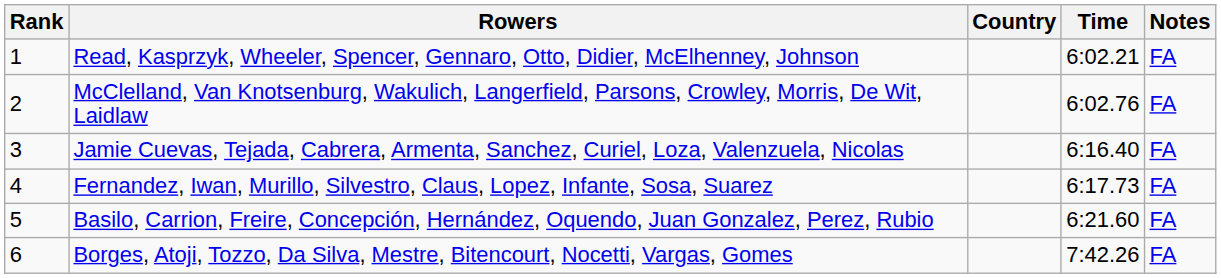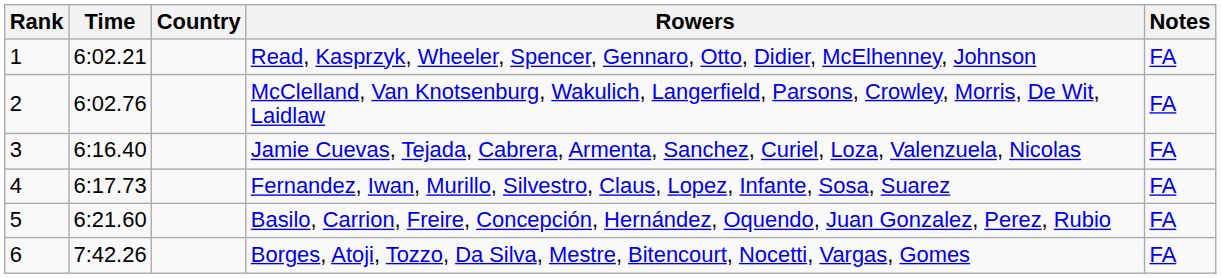 <table class="wikitable" width=70%>
 <tr>
 <th>Rank</th>
+<th>Time</th>
+<th>Country</th>
 <th>Rowers</th>
-<th>Country</th>
-<th>Time</th>
 <th>Notes</th>
 </tr>
 <tr>
 <td>1</td>
+<td>6:02.21</td>
+<td></td>
 <td><a href='#'>Read</a>, <a href='#'>Kasprzyk</a>, <a href='#'>Wheeler</a>, <a href='#'>Spencer</a>, <a href='#'>Gennaro</a>, <a href='#'>Otto</a>, <a href='#'>Didier</a>, <a href='#'>McElhenney</a>, <a href='#'>Johnson</a></td>
-<td></td>
-<td>6:02.21</td>
 <td><a href='#'>FA</a></td>
 </tr>
 <tr>
 <td>2</td>
+<td>6:02.76</td>
+<td></td>
 <td><a href='#'>McClelland</a>, <a href='#'>Van Knotsenburg</a>, <a href='#'>Wakulich</a>, <a href='#'>Langerfield</a>, <a href='#'>Parsons</a>, <a href='#'>Crowley</a>, <a href='#'>Morris</a>, <a href='#'>De Wit</a>, <a href='#'>Laidlaw</a></td>
-<td></td>
-<td>6:02.76</td>
 <td><a href='#'>FA</a></td>
 </tr>
 <tr>
 <td>3</td>
+<td>6:16.40</td>
+<td></td>
 <td><a href='#'>Jamie Cuevas</a>, <a href='#'>Tejada</a>, <a href='#'>Cabrera</a>, <a href='#'>Armenta</a>, <a href='#'>Sanchez</a>, <a href='#'>Curiel</a>, <a href='#'>Loza</a>, <a href='#'>Valenzuela</a>, <a href='#'>Nicolas</a></td>
-<td></td>
-<td>6:16.40</td>
 <td><a href='#'>FA</a></td>
 </tr>
 <tr>
 <td>4</td>
+<td>6:17.73</td>
+<td></td>
 <td><a href='#'>Fernandez</a>, <a href='#'>Iwan</a>, <a href='#'>Murillo</a>, <a href='#'>Silvestro</a>, <a href='#'>Claus</a>, <a href='#'>Lopez</a>, <a href='#'>Infante</a>, <a href='#'>Sosa</a>, <a href='#'>Suarez</a></td>
-<td></td>
-<td>6:17.73</td>
 <td><a href='#'>FA</a></td>
 </tr>
 <tr>
 <td>5</td>
+<td>6:21.60</td>
+<td></td>
 <td><a href='#'>Basilo</a>, <a href='#'>Carrion</a>, <a href='#'>Freire</a>, <a href='#'>Concepción</a>, <a href='#'>Hernández</a>, <a href='#'>Oquendo</a>, <a href='#'>Juan Gonzalez</a>, <a href='#'>Perez</a>, <a href='#'>Rubio</a></td>
-<td></td>
-<td>6:21.60</td>
 <td><a href='#'>FA</a></td>
 </tr>
 <tr>
 <td>6</td>
+<td>7:42.26</td>
+<td></td>
 <td><a href='#'>Borges</a>, <a href='#'>Atoji</a>, <a href='#'>Tozzo</a>, <a href='#'>Da Silva</a>, <a href='#'>Mestre</a>, <a href='#'>Bitencourt</a>, <a href='#'>Nocetti</a>, <a href='#'>Vargas</a>, <a href='#'>Gomes</a></td>
-<td></td>
-<td>7:42.26</td>
 <td><a href='#'>FA</a></td>
 </tr>
 </table>
